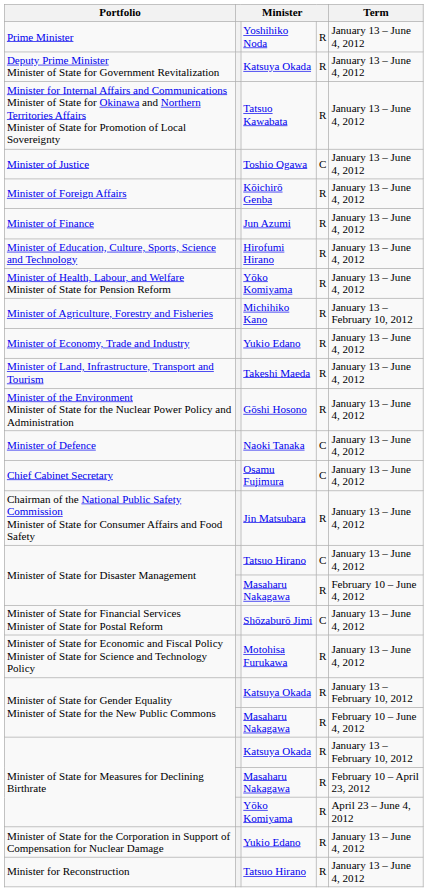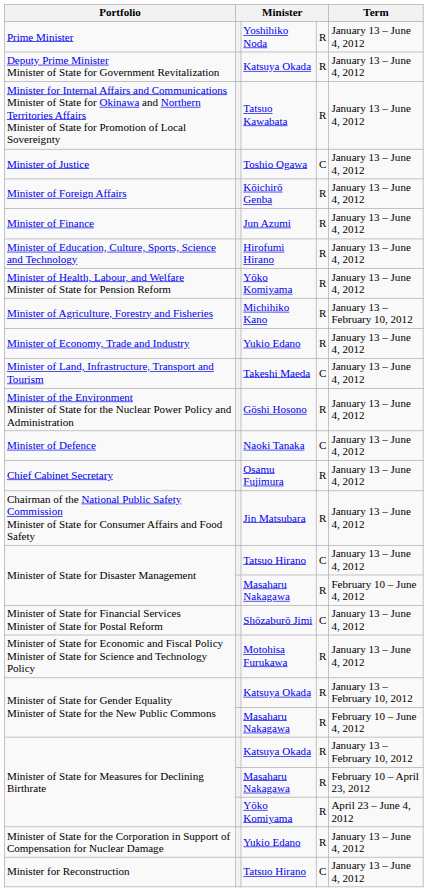 <table class="wikitable">
 <tr>
 <th>Portfolio</th>
 <th colspan=3>Minister</th>
 <th colspan=2>Term</th>
 </tr>
 <tr>
 <td><a href='#'>Prime Minister</a></td>
 <th style="color:inherit;background-color: "></th>
 <td><a href='#'>Yoshihiko Noda</a></td>
 <td>R</td>
 <td>January 13 – June 4, 2012</td>
 </tr>
 <tr>
 <td><a href='#'>Deputy Prime Minister</a> <br> Minister of State for Government Revitalization</td>
 <th style="color:inherit;background-color: "></th>
 <td><a href='#'>Katsuya Okada</a></td>
 <td>R</td>
 <td>January 13 – June 4, 2012</td>
 </tr>
 <tr>
 <td><a href='#'>Minister for Internal Affairs and Communications</a> <br> Minister of State for <a href='#'>Okinawa</a> and <a href='#'>Northern Territories Affairs</a> <br>Minister of State for Promotion of Local Sovereignty</td>
 <th style="color:inherit;background-color: "></th>
 <td><a href='#'>Tatsuo Kawabata</a></td>
 <td>R</td>
 <td>January 13 – June 4, 2012</td>
 </tr>
 <tr>
 <td><a href='#'>Minister of Justice</a></td>
 <th style="color:inherit;background-color: "></th>
 <td><a href='#'>Toshio Ogawa</a></td>
 <td>C</td>
 <td>January 13 – June 4, 2012</td>
 </tr>
 <tr>
 <td><a href='#'>Minister of Foreign Affairs</a></td>
 <th style="color:inherit;background-color: "></th>
 <td><a href='#'>Kōichirō Genba</a></td>
 <td>R</td>
 <td>January 13 – June 4, 2012</td>
 </tr>
 <tr>
 <td><a href='#'>Minister of Finance</a></td>
 <th style="color:inherit;background-color: "></th>
 <td><a href='#'>Jun Azumi</a></td>
 <td>R</td>
 <td>January 13 – June 4, 2012</td>
 </tr>
 <tr>
 <td><a href='#'>Minister of Education, Culture, Sports, Science and Technology</a></td>
 <th style="color:inherit;background-color: "></th>
 <td><a href='#'>Hirofumi Hirano</a></td>
 <td>R</td>
 <td>January 13 – June 4, 2012</td>
 </tr>
 <tr>
 <td><a href='#'>Minister of Health, Labour, and Welfare</a> <br> Minister of State for Pension Reform</td>
 <th style="color:inherit;background-color: "></th>
 <td><a href='#'>Yōko Komiyama</a></td>
 <td>R</td>
 <td>January 13 – June 4, 2012</td>
 </tr>
 <tr>
 <td><a href='#'>Minister of Agriculture, Forestry and Fisheries</a></td>
 <th style="color:inherit;background-color: "></th>
 <td><a href='#'>Michihiko Kano</a></td>
 <td>R</td>
 <td>January 13 – February 10, 2012</td>
 </tr>
 <tr>
 <td><a href='#'>Minister of Economy, Trade and Industry</a></td>
 <th style="color:inherit;background-color: "></th>
 <td><a href='#'>Yukio Edano</a></td>
 <td>R</td>
 <td>January 13 – June 4, 2012</td>
 </tr>
 <tr>
 <td><a href='#'>Minister of Land, Infrastructure, Transport and Tourism</a></td>
 <th style="color:inherit;background-color: "></th>
 <td><a href='#'>Takeshi Maeda</a></td>
-<td>R</td>
+<td>C</td>
 <td>January 13 – June 4, 2012</td>
 </tr>
 <tr>
 <td><a href='#'>Minister of the Environment</a> <br> Minister of State for the Nuclear Power Policy and Administration</td>
 <th style="color:inherit;background-color: "></th>
 <td><a href='#'>Gōshi Hosono</a></td>
 <td>R</td>
 <td>January 13 – June 4, 2012</td>
 </tr>
 <tr>
 <td><a href='#'>Minister of Defence</a></td>
 <th style="color:inherit;background-color: "></th>
 <td><a href='#'>Naoki Tanaka</a></td>
 <td>C</td>
 <td>January 13 – June 4, 2012</td>
 </tr>
 <tr>
 <td><a href='#'>Chief Cabinet Secretary</a></td>
 <th style="color:inherit;background-color: "></th>
 <td><a href='#'>Osamu Fujimura</a></td>
-<td>C</td>
+<td>R</td>
 <td>January 13 – June 4, 2012</td>
 </tr>
 <tr>
 <td>Chairman of the <a href='#'>National Public Safety Commission</a> <br> Minister of State for Consumer Affairs and Food Safety</td>
 <th style="color:inherit;background-color: "></th>
 <td><a href='#'>Jin Matsubara</a></td>
 <td>R</td>
 <td>January 13 – June 4, 2012</td>
 </tr>
 <tr>
 <td rowspan="2">Minister of State for Disaster Management</td>
 <th style="color:inherit;background-color: "></th>
 <td><a href='#'>Tatsuo Hirano</a></td>
 <td>C</td>
 <td>January 13 – June 4, 2012</td>
 </tr>
 <tr>
 <th style="color:inherit;background-color: "></th>
 <td><a href='#'>Masaharu Nakagawa</a></td>
 <td>R</td>
 <td>February 10 – June 4, 2012</td>
 </tr>
 <tr>
 <td>Minister of State for Financial Services <br> Minister of State for Postal Reform</td>
 <th style="color:inherit;background-color: "></th>
 <td><a href='#'>Shōzaburō Jimi</a></td>
 <td>C</td>
 <td>January 13 – June 4, 2012</td>
 </tr>
 <tr>
 <td>Minister of State for Economic and Fiscal Policy <br> Minister of State for Science and Technology Policy</td>
 <th style="color:inherit;background-color: "></th>
 <td><a href='#'>Motohisa Furukawa</a></td>
 <td>R</td>
 <td>January 13 – June 4, 2012</td>
 </tr>
 <tr>
 <td rowspan="2">Minister of State for Gender Equality <br> Minister of State for the New Public Commons</td>
 <th style="color:inherit;background-color: "></th>
 <td><a href='#'>Katsuya Okada</a></td>
 <td>R</td>
 <td>January 13 – February 10, 2012</td>
 </tr>
 <tr>
 <th style="color:inherit;background-color: "></th>
 <td><a href='#'>Masaharu Nakagawa</a></td>
 <td>R</td>
 <td>February 10 – June 4, 2012</td>
 </tr>
 <tr>
 <td rowspan="3">Minister of State for Measures for Declining Birthrate</td>
 <th style="color:inherit;background-color: "></th>
 <td><a href='#'>Katsuya Okada</a></td>
 <td>R</td>
 <td>January 13 – February 10, 2012</td>
 </tr>
 <tr>
 <th style="color:inherit;background-color: "></th>
 <td><a href='#'>Masaharu Nakagawa</a></td>
 <td>R</td>
 <td>February 10 – April 23, 2012</td>
 </tr>
 <tr>
 <th style="color:inherit;background-color: "></th>
 <td><a href='#'>Yōko Komiyama</a></td>
 <td>R</td>
 <td>April 23 – June 4, 2012</td>
 </tr>
 <tr>
 <td>Minister of State for the Corporation in Support of Compensation for Nuclear Damage</td>
 <th style="color:inherit;background-color: "></th>
 <td><a href='#'>Yukio Edano</a></td>
 <td>R</td>
 <td>January 13 – June 4, 2012</td>
 </tr>
 <tr>
 <td>Minister for Reconstruction</td>
 <th style="color:inherit;background-color: "></th>
 <td><a href='#'>Tatsuo Hirano</a></td>
-<td>R</td>
+<td>C</td>
 <td>January 13 – June 4, 2012</td>
 </tr>
 </table>
